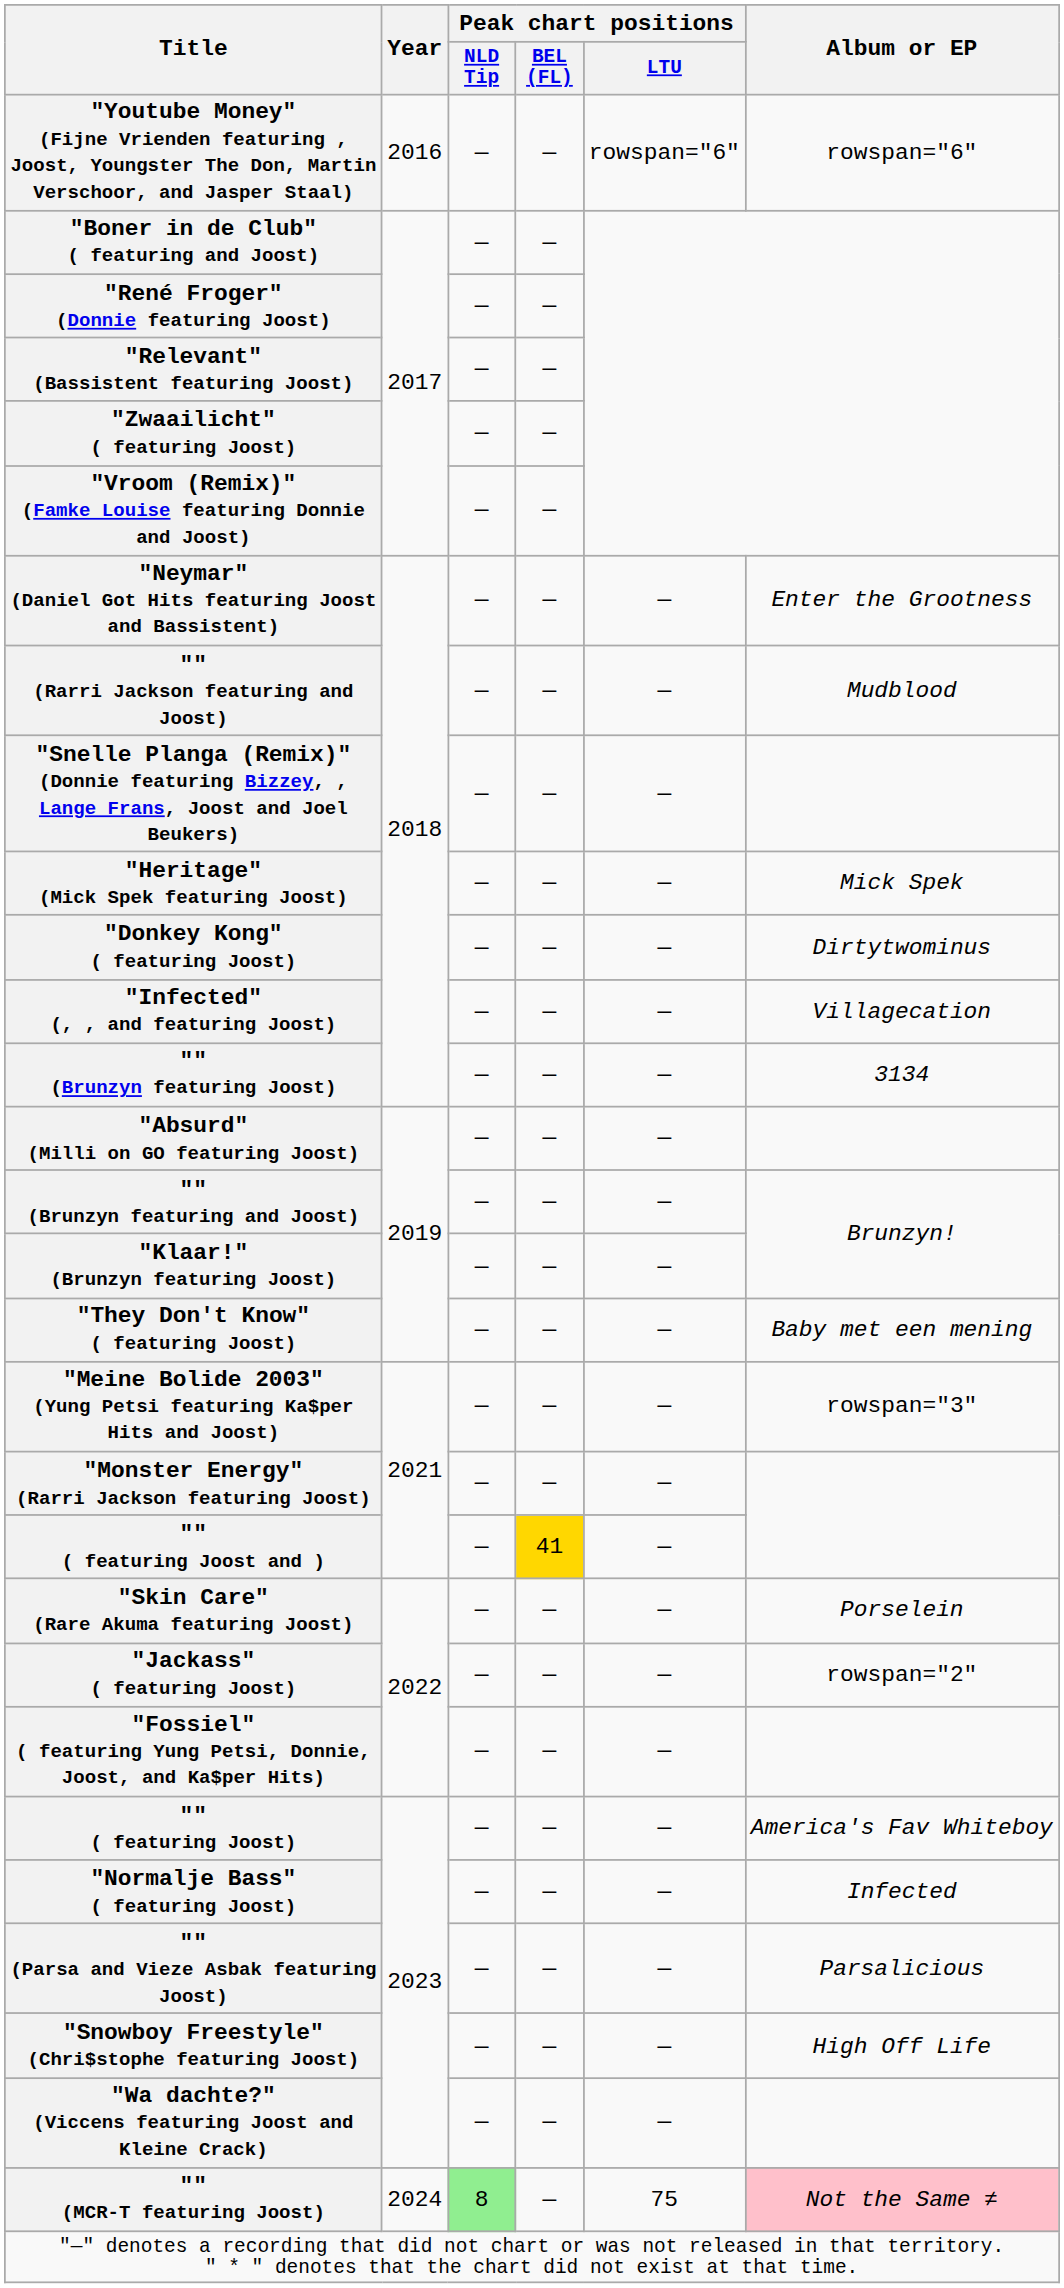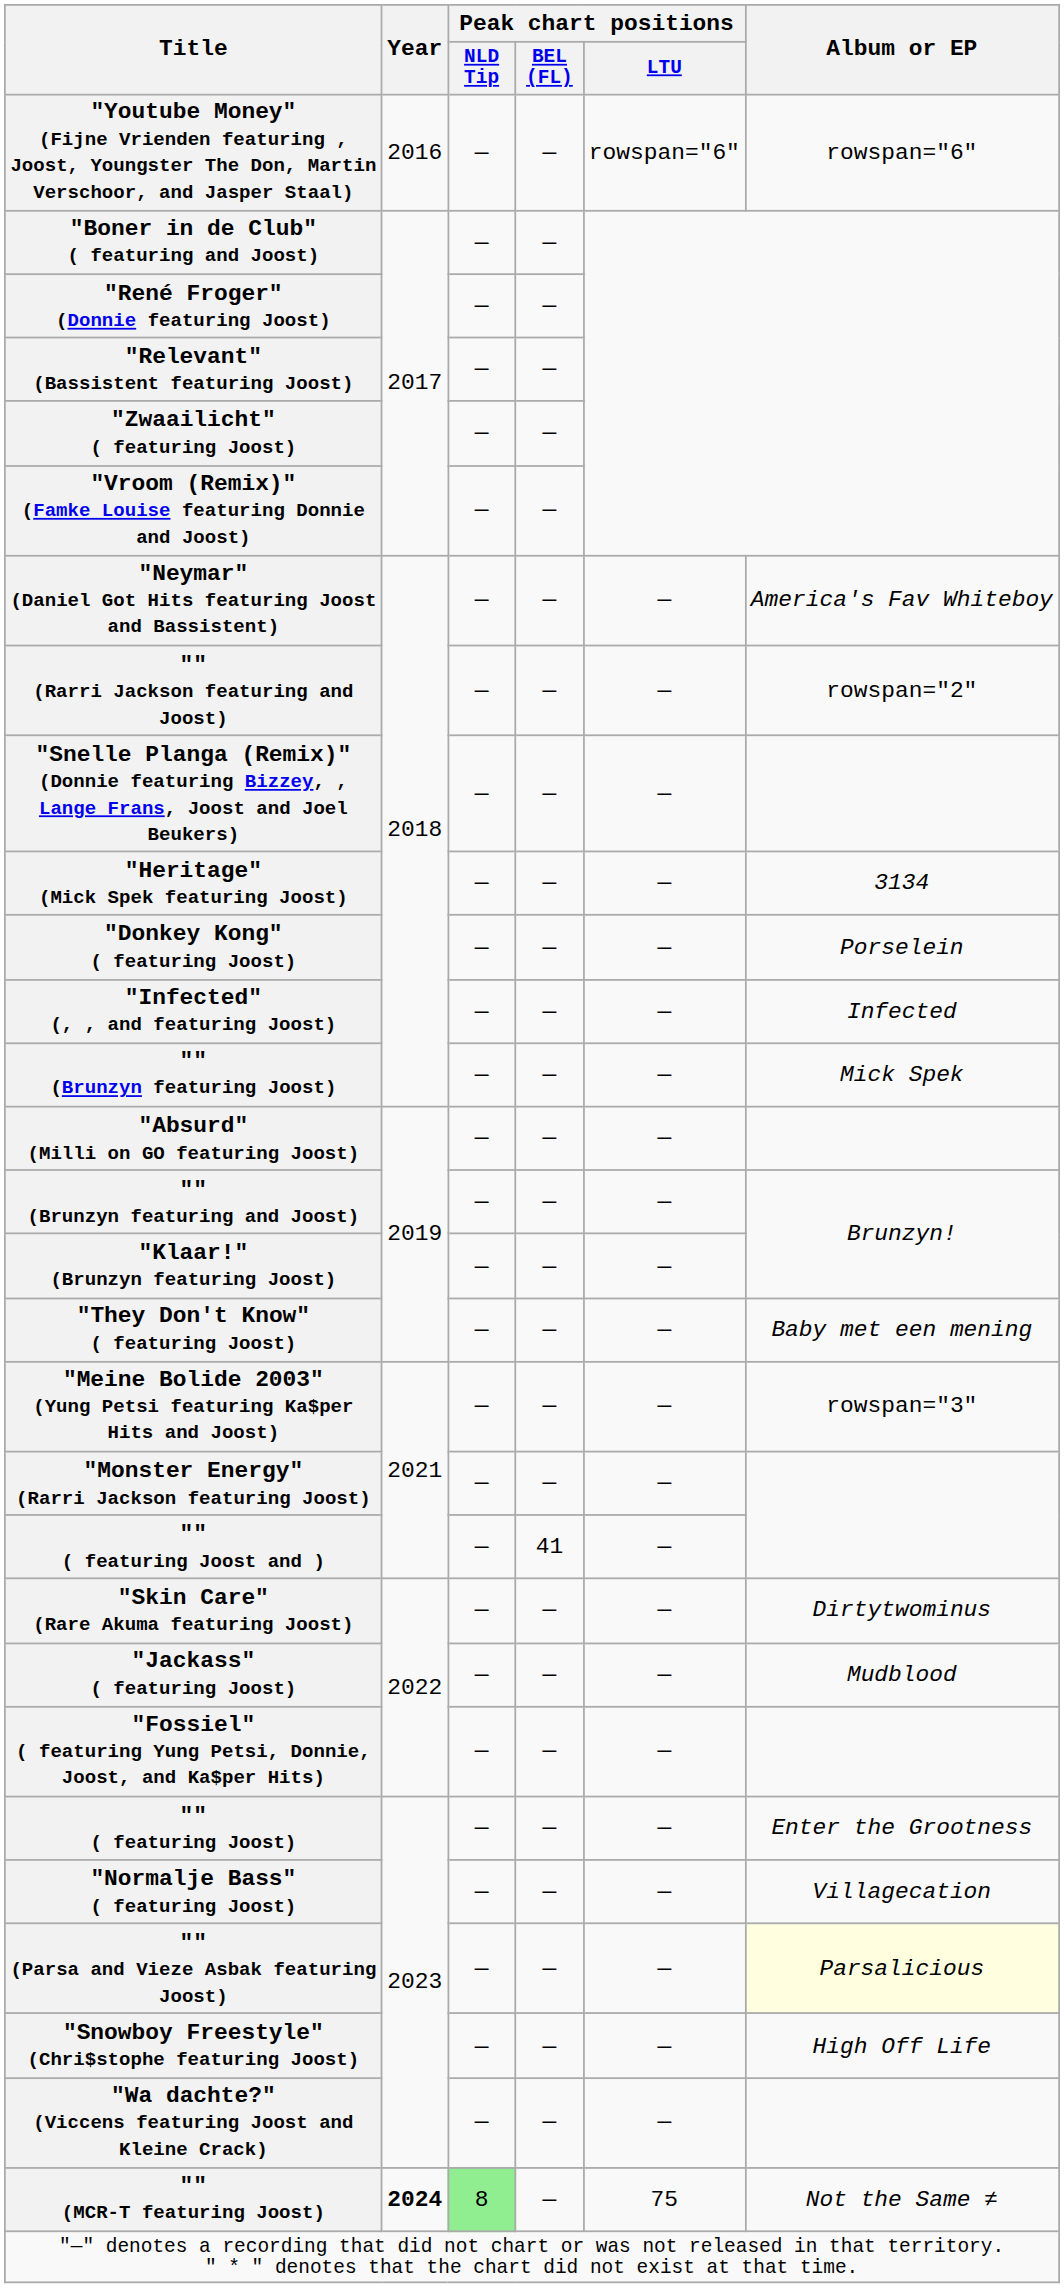 <table class="wikitable plainrowheaders" style="text-align:center;">
 <tr>
 <th scope="col" rowspan="2" style="width:16em;">Title</th>
 <th scope="col" rowspan="2">Year</th>
 <th scope="col" colspan="3">Peak chart positions</th>
 <th scope="col" rowspan="2">Album or EP</th>
 </tr>
 <tr>
 <th scope="col" style="width:3em;font-size:85%;"><a href='#'>NLD<br>Tip</a><br></th>
 <th scope="col" style="width:3em;font-size:85%;"><a href='#'>BEL<br>(FL)</a><br></th>
 <th scope="col" style="width:3em;font-size:85%;"><a href='#'>LTU</a><br></th>
 </tr>
 <tr>
 <th scope="row">"Youtube Money"<br><small>(Fijne Vrienden featuring , Joost, Youngster The Don, Martin Verschoor, and Jasper Staal)</small></th>
 <td>2016</td>
 <td>—</td>
 <td>—</td>
 <td>rowspan="6" </td>
 <td>rowspan="6" </td>
 </tr>
 <tr>
 <th scope="row">"Boner in de Club"<br><small>( featuring  and Joost)</small></th>
 <td rowspan="5">2017</td>
 <td>—</td>
 <td>—</td>
 </tr>
 <tr>
 <th scope="row">"René Froger"<br><small>(<a href='#'>Donnie</a> featuring Joost)</small></th>
 <td>—</td>
 <td>—</td>
 </tr>
 <tr>
 <th scope="row">"Relevant"<br><small>(Bassistent featuring Joost)</small></th>
 <td>—</td>
 <td>—</td>
 </tr>
 <tr>
 <th scope="row">"Zwaailicht"<br><small>( featuring Joost)</small></th>
 <td>—</td>
 <td>—</td>
 </tr>
 <tr>
 <th scope="row">"Vroom (Remix)"<br><small>(<a href='#'>Famke Louise</a> featuring Donnie and Joost)</small></th>
 <td>—</td>
 <td>—</td>
 </tr>
 <tr>
 <th scope="row">"Neymar"<br><small>(Daniel Got Hits featuring Joost and Bassistent)</small></th>
 <td rowspan="7">2018</td>
 <td>—</td>
 <td>—</td>
 <td>—</td>
-<td><em>Enter the Grootness</em></td>
+<td><em>America's Fav Whiteboy</em></td>
 </tr>
 <tr>
 <th scope="row">""<br><small>(Rarri Jackson featuring  and Joost)</small></th>
 <td>—</td>
 <td>—</td>
 <td>—</td>
-<td><em>Mudblood</em></td>
+<td>rowspan="2" </td>
 </tr>
 <tr>
 <th scope="row">"Snelle Planga (Remix)"<br><small>(Donnie featuring <a href='#'>Bizzey</a>, , <a href='#'>Lange Frans</a>, Joost and Joel Beukers)</small></th>
 <td>—</td>
 <td>—</td>
 <td>—</td>
 </tr>
 <tr>
 <th scope="row">"Heritage"<br><small>(Mick Spek featuring Joost)</small></th>
 <td>—</td>
 <td>—</td>
 <td>—</td>
-<td><em>Mick Spek</em></td>
+<td><em>3134</em></td>
 </tr>
 <tr>
 <th scope="row">"Donkey Kong"<br><small>( featuring Joost)</small></th>
 <td>—</td>
 <td>—</td>
 <td>—</td>
-<td><em>Dirtytwominus</em></td>
+<td><em>Porselein</em></td>
 </tr>
 <tr>
 <th scope="row">"Infected"<br><small>(, , and  featuring Joost)</small></th>
 <td>—</td>
 <td>—</td>
 <td>—</td>
-<td><em>Villagecation</em></td>
+<td><em>Infected</em></td>
 </tr>
 <tr>
 <th scope="row">""<br><small>(<a href='#'>Brunzyn</a> featuring Joost)</small></th>
 <td>—</td>
 <td>—</td>
 <td>—</td>
-<td><em>3134</em></td>
+<td><em>Mick Spek</em></td>
 </tr>
 <tr>
 <th scope="row">"Absurd"<br><small>(Milli on GO featuring Joost)</small></th>
 <td rowspan="4">2019</td>
 <td>—</td>
 <td>—</td>
 <td>—</td>
 <td></td>
 </tr>
 <tr>
 <th scope="row">""<br><small>(Brunzyn featuring  and Joost)</small></th>
 <td>—</td>
 <td>—</td>
 <td>—</td>
 <td rowspan="2"><em>Brunzyn!</em></td>
 </tr>
 <tr>
 <th scope="row">"Klaar!"<br><small>(Brunzyn featuring Joost)</small></th>
 <td>—</td>
 <td>—</td>
 <td>—</td>
 </tr>
 <tr>
 <th scope="row">"They Don't Know"<br><small>( featuring Joost)</small></th>
 <td>—</td>
 <td>—</td>
 <td>—</td>
 <td><em>Baby met een mening</em></td>
 </tr>
 <tr>
 <th scope="row">"Meine Bolide 2003"<br><small>(Yung Petsi featuring Ka$per Hits and Joost)</small></th>
 <td rowspan="3">2021</td>
 <td>—</td>
 <td>—</td>
 <td>—</td>
 <td>rowspan="3" </td>
 </tr>
 <tr>
 <th scope="row">"Monster Energy"<br><small>(Rarri Jackson featuring Joost)</small></th>
 <td>—</td>
 <td>—</td>
 <td>—</td>
 </tr>
 <tr>
 <th scope="row">""<br><small>( featuring Joost and )</small></th>
 <td>—</td>
-<td style="background: gold;">41</td>
+<td>41</td>
 <td>—</td>
 </tr>
 <tr>
 <th scope="row">"Skin Care"<br><small>(Rare Akuma featuring Joost)</small></th>
 <td rowspan="3">2022</td>
 <td>—</td>
 <td>—</td>
 <td>—</td>
-<td><em>Porselein</em></td>
+<td><em>Dirtytwominus</em></td>
 </tr>
 <tr>
 <th scope="row">"Jackass"<br><small>( featuring Joost)</small></th>
 <td>—</td>
 <td>—</td>
 <td>—</td>
-<td>rowspan="2" </td>
+<td><em>Mudblood</em></td>
 </tr>
 <tr>
 <th scope="row">"Fossiel"<br><small>( featuring Yung Petsi, Donnie, Joost, and Ka$per Hits)</small></th>
 <td>—</td>
 <td>—</td>
 <td>—</td>
 <td></td>
 </tr>
 <tr>
 <th scope="row">""<br><small>( featuring Joost)</small></th>
 <td rowspan="5">2023</td>
 <td>—</td>
 <td>—</td>
 <td>—</td>
-<td><em>America's Fav Whiteboy</em></td>
+<td><em>Enter the Grootness</em></td>
 </tr>
 <tr>
 <th scope="row">"Normalje Bass"<br><small>( featuring Joost)</small></th>
 <td>—</td>
 <td>—</td>
 <td>—</td>
-<td><em>Infected</em></td>
+<td><em>Villagecation</em></td>
 </tr>
 <tr>
 <th scope="row">""<br><small>(Parsa and Vieze Asbak featuring Joost)</small></th>
 <td>—</td>
 <td>—</td>
 <td>—</td>
-<td><em>Parsalicious</em></td>
+<td style="background: lightyellow;"><em>Parsalicious</em></td>
 </tr>
 <tr>
 <th scope="row">"Snowboy Freestyle"<br><small>(Chri$stophe featuring Joost)</small></th>
 <td>—</td>
 <td>—</td>
 <td>—</td>
 <td><em>High Off Life</em></td>
 </tr>
 <tr>
 <th scope="row">"Wa dachte?"<br><small>(Viccens featuring Joost and Kleine Crack)</small></th>
 <td>—</td>
 <td>—</td>
 <td>—</td>
 <td></td>
 </tr>
 <tr>
 <th scope="row">""<br><small>(MCR-T featuring Joost)</small></th>
-<td>2024</td>
+<td><strong>2024</strong></td>
 <td style="background: lightgreen;">8</td>
 <td>—</td>
 <td>75</td>
-<td style="background: pink;"><em>Not the Same ≠</em></td>
+<td><em>Not the Same ≠</em></td>
 </tr>
 <tr>
 <td colspan="6" style="font-size:85%">"—" denotes a recording that did not chart or was not released in that territory.<br>" * " denotes that the chart did not exist at that time.</td>
 </tr>
 </table>
